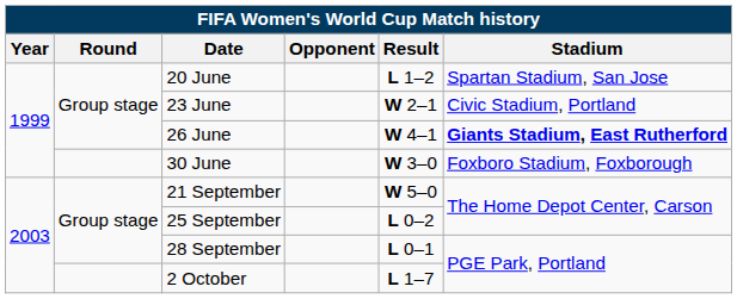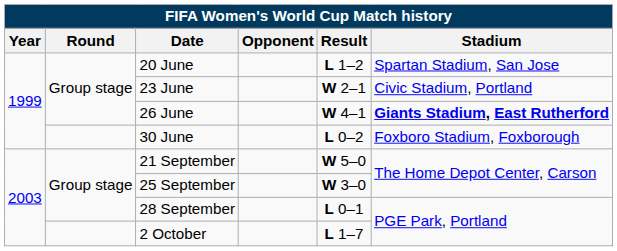 <table class="wikitable collapsible collapsed" style="text-align: center;font-size:100%;">
 <tr>
 <th colspan=6 style="background: #013A5E; color: #FFFFFF;">FIFA Women's World Cup Match history</th>
 </tr>
 <tr>
 <th>Year</th>
 <th>Round</th>
 <th>Date</th>
 <th>Opponent</th>
 <th>Result</th>
 <th>Stadium</th>
 </tr>
 <tr>
 <td rowspan=4> <a href='#'>1999</a></td>
 <td rowspan=3>Group stage</td>
 <td align="left">20 June</td>
 <td align="left"></td>
 <td><strong>L</strong> 1–2</td>
 <td align="left"><a href='#'>Spartan Stadium</a>, <a href='#'>San Jose</a></td>
 </tr>
 <tr>
 <td align="left">23 June</td>
 <td align="left"></td>
 <td><strong>W</strong> 2–1</td>
 <td align="left"><a href='#'>Civic Stadium</a>, <a href='#'>Portland</a></td>
 </tr>
 <tr>
 <td align="left">26 June</td>
 <td align="left"></td>
 <td><strong>W</strong> 4–1</td>
 <td align="left"><strong><a href='#'>Giants Stadium</a>, <a href='#'>East Rutherford</a></strong></td>
 </tr>
 <tr>
 <td></td>
 <td align="left">30 June</td>
 <td align="left"></td>
-<td><strong>W</strong> 3–0</td>
+<td><strong>L</strong> 0–2</td>
 <td align="left"><a href='#'>Foxboro Stadium</a>, <a href='#'>Foxborough</a></td>
 </tr>
 <tr>
 <td rowspan=4> <a href='#'>2003</a></td>
 <td rowspan=3>Group stage</td>
 <td align="left">21 September</td>
 <td align="left"></td>
 <td><strong>W</strong> 5–0</td>
 <td rowspan=2 align="left"><a href='#'>The Home Depot Center</a>, <a href='#'>Carson</a></td>
 </tr>
 <tr>
 <td align="left">25 September</td>
 <td align="left"></td>
-<td><strong>L</strong> 0–2</td>
+<td><strong>W</strong> 3–0</td>
 </tr>
 <tr>
 <td align="left">28 September</td>
 <td align="left"></td>
 <td><strong>L</strong> 0–1</td>
 <td rowspan=2 align="left"><a href='#'>PGE Park</a>, <a href='#'>Portland</a></td>
 </tr>
 <tr>
 <td></td>
 <td align="left">2 October</td>
 <td align="left"></td>
 <td><strong>L</strong> 1–7</td>
 </tr>
 </table>
